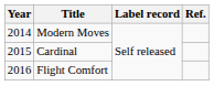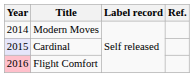 <table class="wikitable">
 <tr>
 <th>Year</th>
 <th>Title</th>
 <th>Label record</th>
 <th>Ref.</th>
 </tr>
 <tr>
 <td>2014</td>
 <td>Modern Moves</td>
 <td rowspan="3">Self released</td>
 <td></td>
 </tr>
 <tr>
-<td>2015</td>
+<td style="background: lavender;">2015</td>
 <td>Cardinal</td>
 <td></td>
 </tr>
 <tr>
-<td>2016</td>
+<td style="background: pink;">2016</td>
 <td>Flight Comfort</td>
 <td></td>
 </tr>
 </table>
